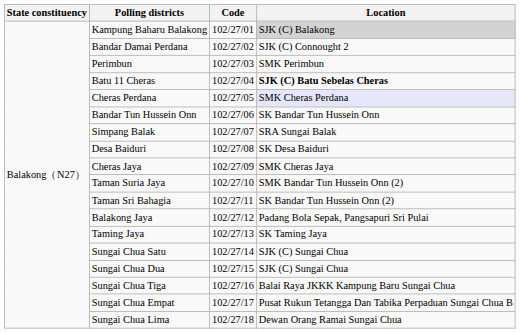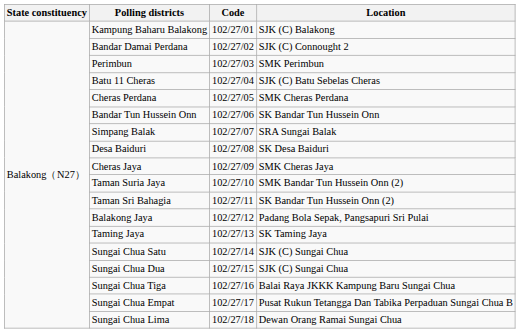 <table class="wikitable sortable mw-collapsible" style="white-space:nowrap;font-size:85%">
 <tr>
 <th>State constituency</th>
 <th>Polling districts</th>
 <th>Code</th>
 <th>Location</th>
 </tr>
 <tr>
 <td rowspan="18">Balakong（N27）</td>
 <td>Kampung Baharu Balakong</td>
 <td>102/27/01</td>
-<td style="background: lightgrey;">SJK (C) Balakong</td>
+<td>SJK (C) Balakong</td>
 </tr>
 <tr>
 <td>Bandar Damai Perdana</td>
 <td>102/27/02</td>
 <td>SJK (C) Connought 2</td>
 </tr>
 <tr>
 <td>Perimbun</td>
 <td>102/27/03</td>
 <td>SMK Perimbun</td>
 </tr>
 <tr>
 <td>Batu 11 Cheras</td>
 <td>102/27/04</td>
-<td><strong>SJK (C) Batu Sebelas Cheras</strong></td>
+<td>SJK (C) Batu Sebelas Cheras</td>
 </tr>
 <tr>
 <td>Cheras Perdana</td>
 <td>102/27/05</td>
-<td style="background: lavender;">SMK Cheras Perdana</td>
+<td>SMK Cheras Perdana</td>
 </tr>
 <tr>
 <td>Bandar Tun Hussein Onn</td>
 <td>102/27/06</td>
 <td>SK Bandar Tun Hussein Onn</td>
 </tr>
 <tr>
 <td>Simpang Balak</td>
 <td>102/27/07</td>
 <td>SRA Sungai Balak</td>
 </tr>
 <tr>
 <td>Desa Baiduri</td>
 <td>102/27/08</td>
 <td>SK Desa Baiduri</td>
 </tr>
 <tr>
 <td>Cheras Jaya</td>
 <td>102/27/09</td>
 <td>SMK Cheras Jaya</td>
 </tr>
 <tr>
 <td>Taman Suria Jaya</td>
 <td>102/27/10</td>
 <td>SMK Bandar Tun Hussein Onn (2)</td>
 </tr>
 <tr>
 <td>Taman Sri Bahagia</td>
 <td>102/27/11</td>
 <td>SK Bandar Tun Hussein Onn (2)</td>
 </tr>
 <tr>
 <td>Balakong Jaya</td>
 <td>102/27/12</td>
 <td>Padang Bola Sepak, Pangsapuri Sri Pulai</td>
 </tr>
 <tr>
 <td>Taming Jaya</td>
 <td>102/27/13</td>
 <td>SK Taming Jaya</td>
 </tr>
 <tr>
 <td>Sungai Chua Satu</td>
 <td>102/27/14</td>
 <td>SJK (C) Sungai Chua</td>
 </tr>
 <tr>
 <td>Sungai Chua Dua</td>
 <td>102/27/15</td>
 <td>SJK (C) Sungai Chua</td>
 </tr>
 <tr>
 <td>Sungai Chua Tiga</td>
 <td>102/27/16</td>
 <td>Balai Raya JKKK Kampung Baru Sungai Chua</td>
 </tr>
 <tr>
 <td>Sungai Chua Empat</td>
 <td>102/27/17</td>
 <td>Pusat Rukun Tetangga Dan Tabika Perpaduan Sungai Chua B</td>
 </tr>
 <tr>
 <td>Sungai Chua Lima</td>
 <td>102/27/18</td>
 <td>Dewan Orang Ramai Sungai Chua</td>
 </tr>
 </table>
